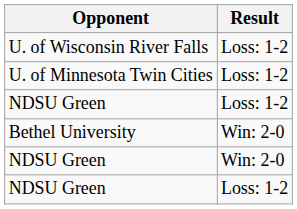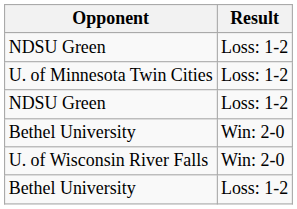 <table class="wikitable">
 <tr>
 <th>Opponent</th>
 <th>Result</th>
 </tr>
 <tr>
-<td>U. of Wisconsin River Falls</td>
+<td>NDSU Green</td>
 <td>Loss: 1-2</td>
 </tr>
 <tr>
 <td>U. of Minnesota Twin Cities</td>
 <td>Loss: 1-2</td>
 </tr>
 <tr>
 <td>NDSU Green</td>
 <td>Loss: 1-2</td>
 </tr>
 <tr>
 <td>Bethel University</td>
 <td>Win: 2-0</td>
 </tr>
 <tr>
-<td>NDSU Green</td>
+<td>U. of Wisconsin River Falls</td>
 <td>Win: 2-0</td>
 </tr>
 <tr>
-<td>NDSU Green</td>
+<td>Bethel University</td>
 <td>Loss: 1-2</td>
 </tr>
 </table>
